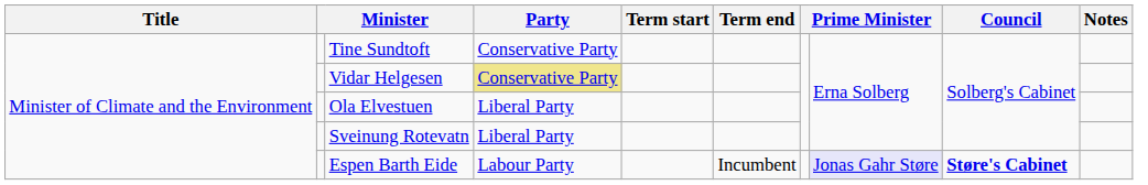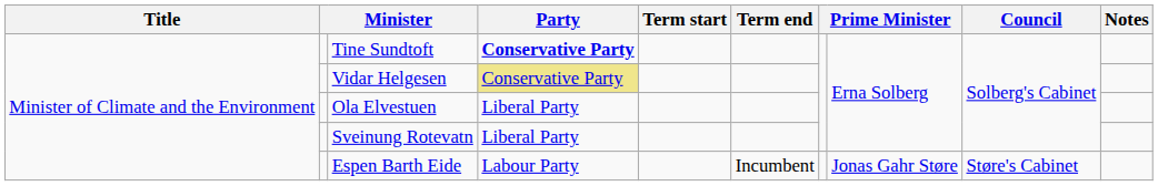 <table class="wikitable sortable">
 <tr>
 <th>Title</th>
 <th colspan=2><a href='#'>Minister</a></th>
 <th><a href='#'>Party</a></th>
 <th>Term start</th>
 <th>Term end</th>
 <th colspan=2><a href='#'>Prime Minister</a></th>
 <th><a href='#'>Council</a></th>
 <th class="unsortable">Notes</th>
 </tr>
 <tr>
 <td rowspan=5><a href='#'>Minister of Climate and the Environment</a></td>
 <td style="color:inherit;background:"></td>
 <td><a href='#'>Tine Sundtoft</a></td>
-<td><a href='#'>Conservative Party</a></td>
+<td><strong><a href='#'>Conservative Party</a></strong></td>
 <td></td>
 <td></td>
 <td rowspan=4 bgcolor=></td>
 <td rowspan=4><a href='#'>Erna Solberg</a></td>
 <td rowspan=4><a href='#'>Solberg's Cabinet</a></td>
 <td></td>
 </tr>
 <tr>
 <td style="color:inherit;background:"></td>
 <td><a href='#'>Vidar Helgesen</a></td>
 <td style="background: khaki;"><a href='#'>Conservative Party</a></td>
 <td></td>
 <td></td>
 <td></td>
 </tr>
 <tr>
 <td style="color:inherit;background:"></td>
 <td><a href='#'>Ola Elvestuen</a></td>
 <td><a href='#'>Liberal Party</a></td>
 <td></td>
 <td></td>
 <td></td>
 </tr>
 <tr>
 <td style="color:inherit;background:"></td>
 <td><a href='#'>Sveinung Rotevatn</a></td>
 <td><a href='#'>Liberal Party</a></td>
 <td></td>
 <td></td>
 <td></td>
 </tr>
 <tr>
 <td style="color:inherit;background:"></td>
 <td><a href='#'>Espen Barth Eide</a></td>
 <td><a href='#'>Labour Party</a></td>
 <td></td>
 <td>Incumbent</td>
 <td rowspan=1 bgcolor=></td>
-<td rowspan=1 style="background: lavender;"><a href='#'>Jonas Gahr Støre</a></td>
-<td rowspan=1><strong><a href='#'>Støre's Cabinet</a></strong></td>
+<td rowspan=1><a href='#'>Jonas Gahr Støre</a></td>
+<td rowspan=1><a href='#'>Støre's Cabinet</a></td>
 <td></td>
 </tr>
 </table>
